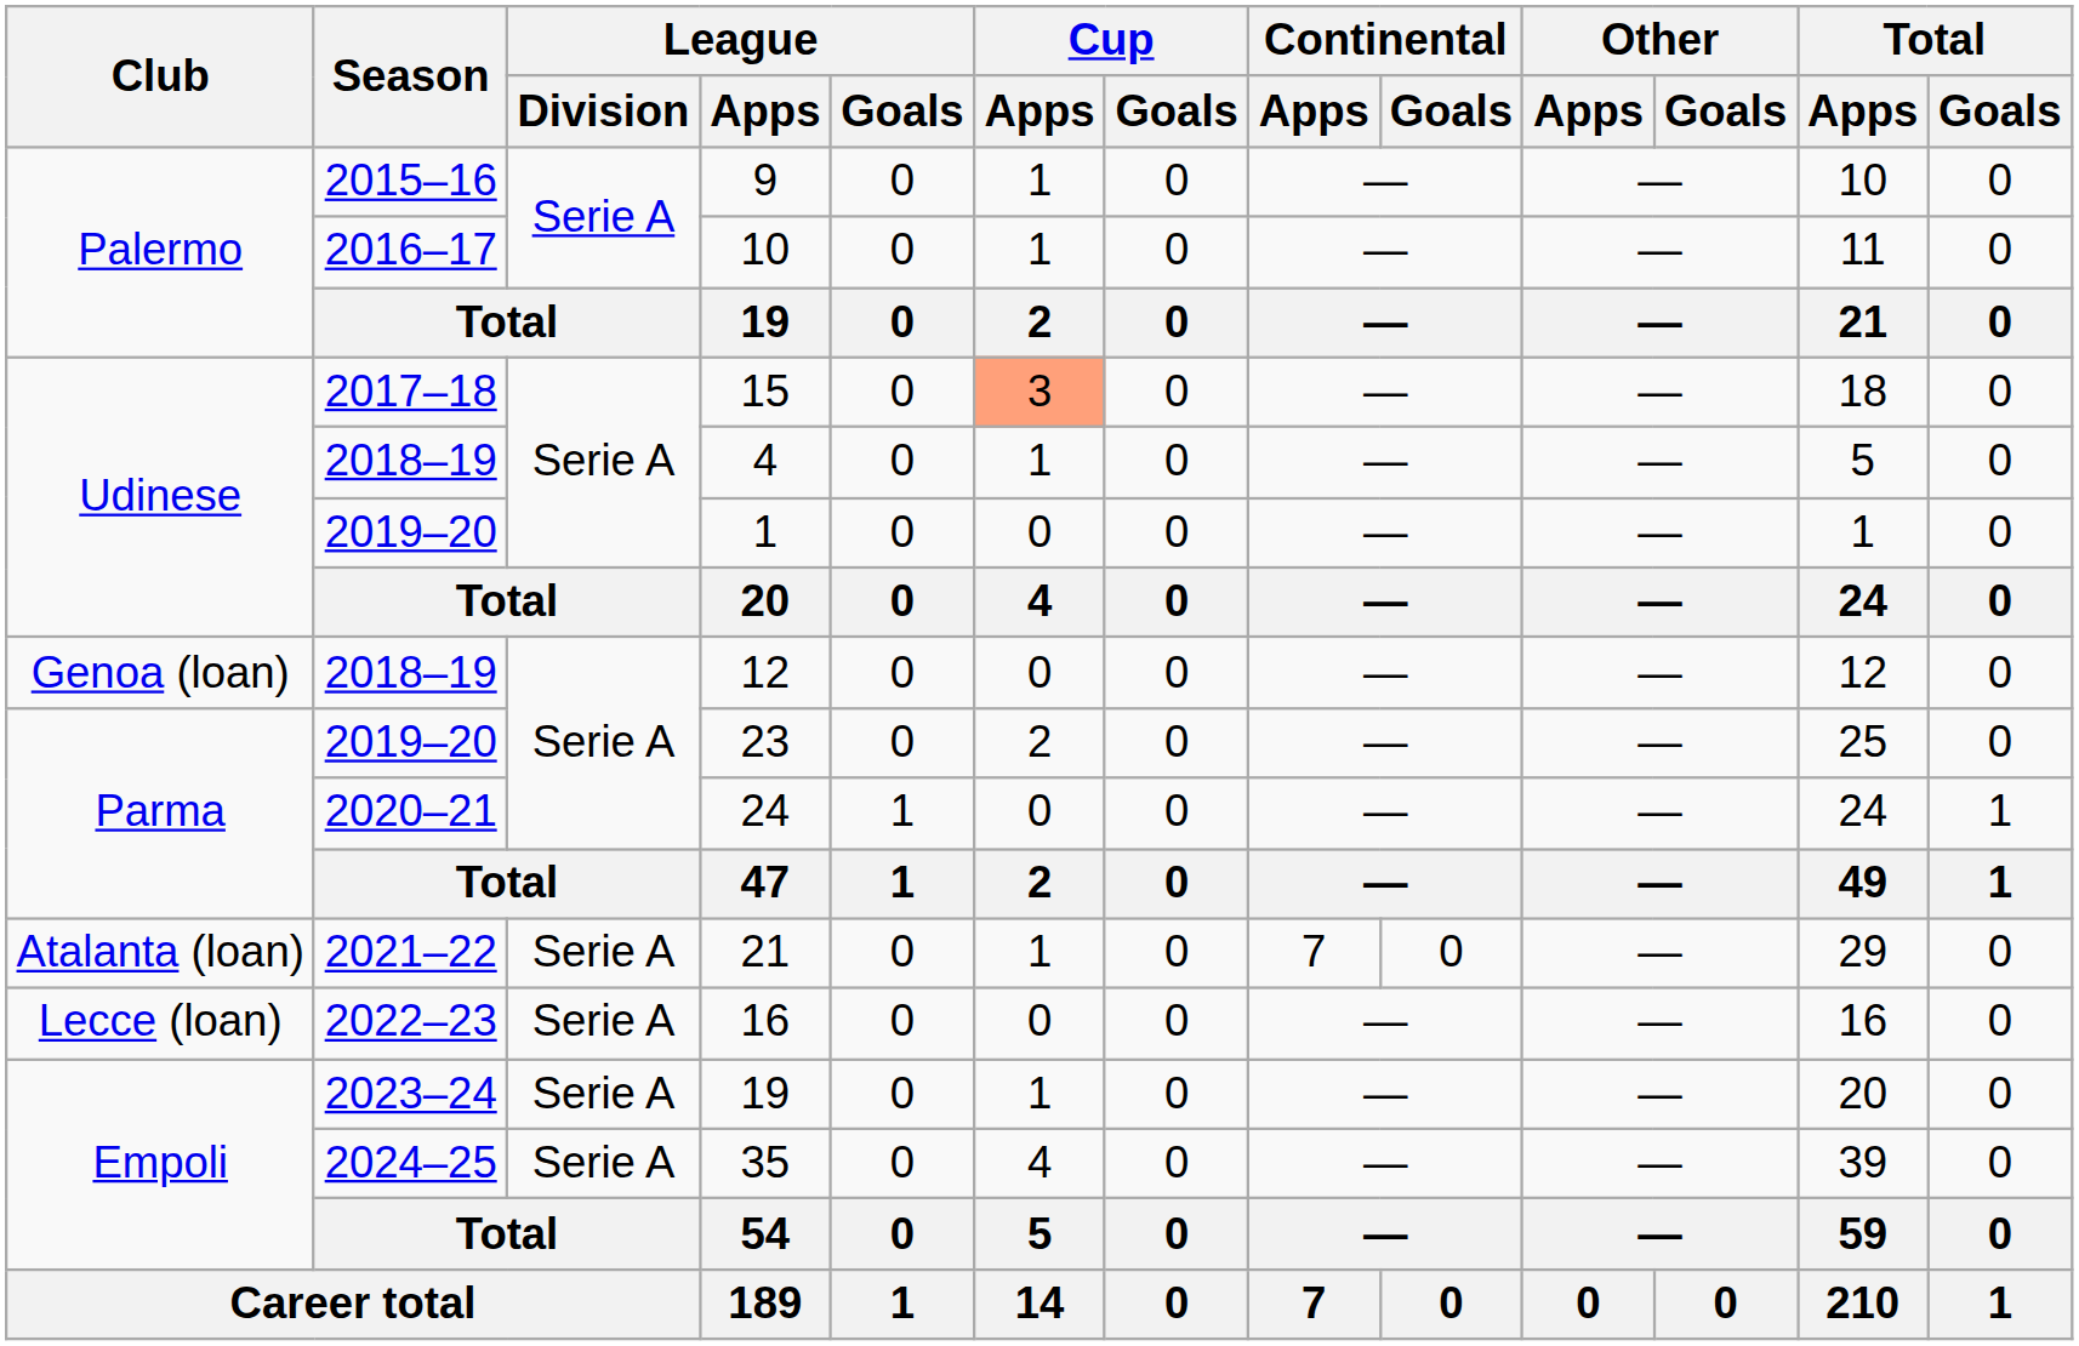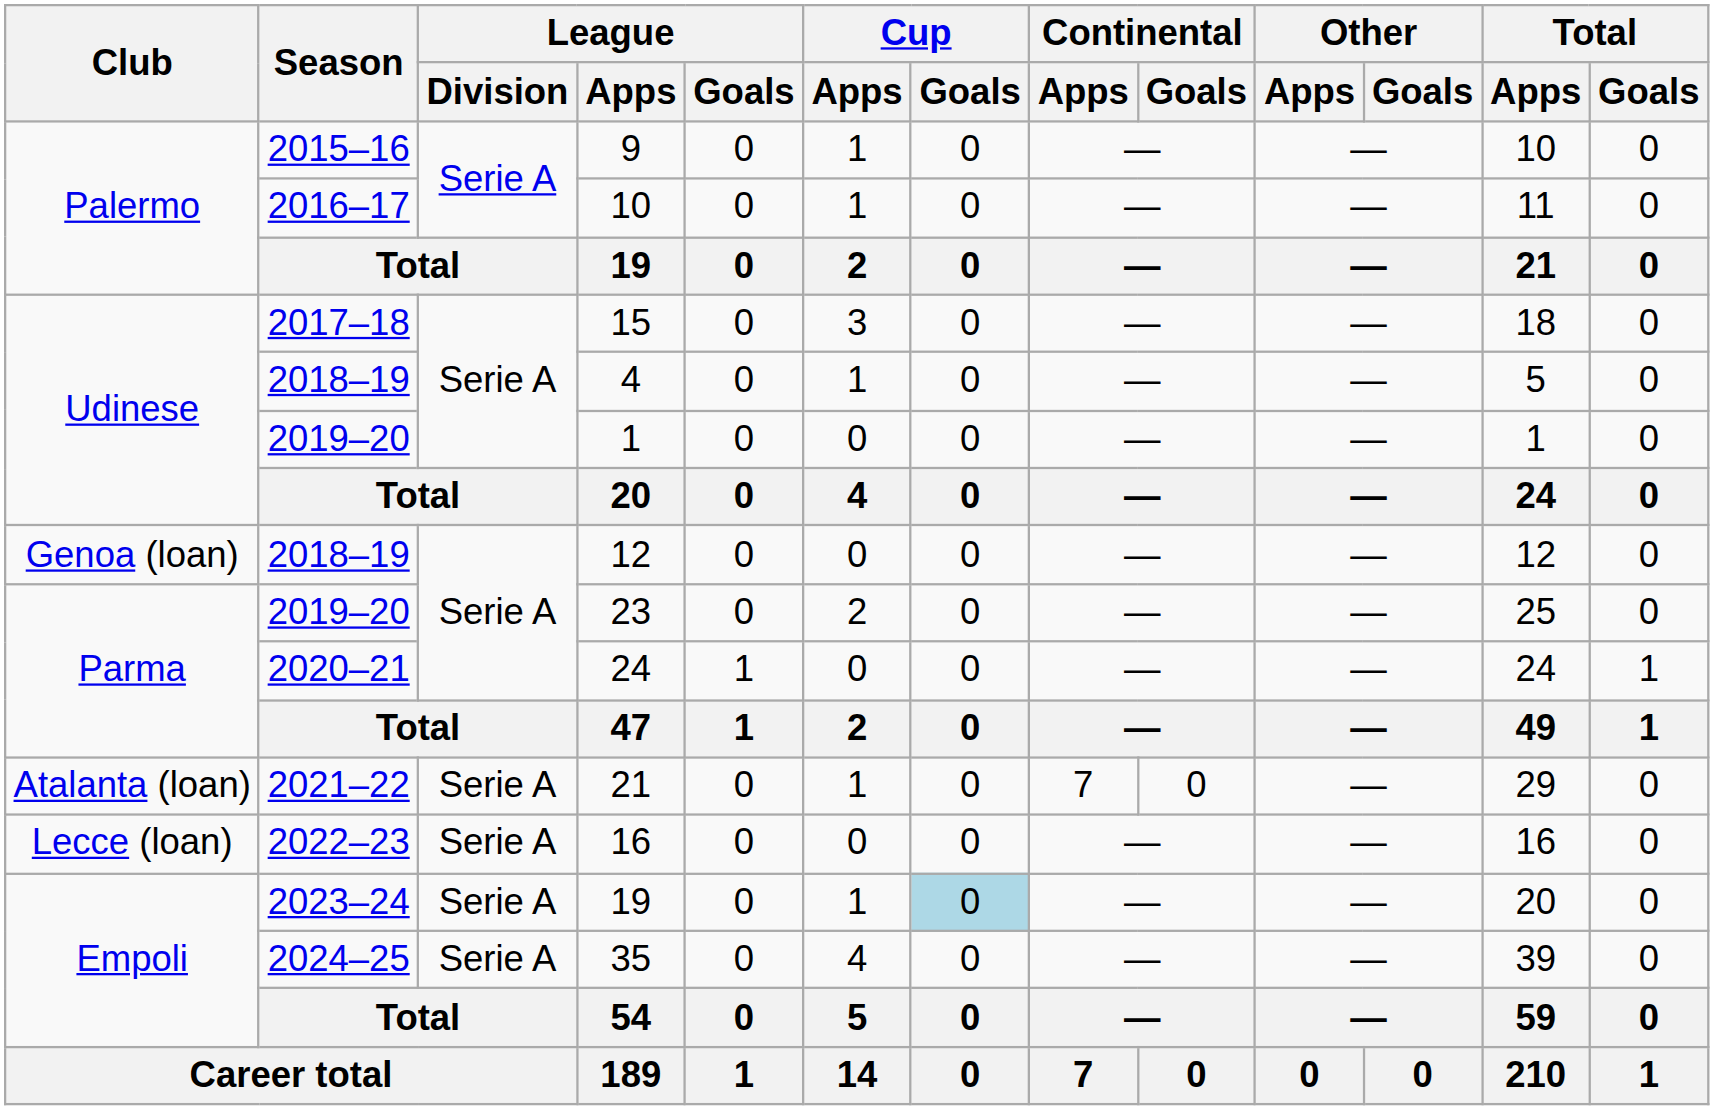 <table class="wikitable" style="text-align:center">
 <tr>
 <th rowspan="2">Club</th>
 <th rowspan="2">Season</th>
 <th colspan="3">League</th>
 <th colspan="2"><a href='#'>Cup</a></th>
 <th colspan="2">Continental</th>
 <th colspan="2">Other</th>
 <th colspan="2">Total</th>
 </tr>
 <tr>
 <th>Division</th>
 <th>Apps</th>
 <th>Goals</th>
 <th>Apps</th>
 <th>Goals</th>
 <th>Apps</th>
 <th>Goals</th>
 <th>Apps</th>
 <th>Goals</th>
 <th>Apps</th>
 <th>Goals</th>
 </tr>
 <tr>
 <td rowspan="3"><a href='#'>Palermo</a></td>
 <td><a href='#'>2015–16</a></td>
 <td rowspan="2"><a href='#'>Serie A</a></td>
 <td>9</td>
 <td>0</td>
 <td>1</td>
 <td>0</td>
 <td colspan="2">—</td>
 <td colspan="2">—</td>
 <td>10</td>
 <td>0</td>
 </tr>
 <tr>
 <td><a href='#'>2016–17</a></td>
 <td>10</td>
 <td>0</td>
 <td>1</td>
 <td>0</td>
 <td colspan="2">—</td>
 <td colspan="2">—</td>
 <td>11</td>
 <td>0</td>
 </tr>
 <tr>
 <th colspan="2">Total</th>
 <th>19</th>
 <th>0</th>
 <th>2</th>
 <th>0</th>
 <th colspan="2">—</th>
 <th colspan="2">—</th>
 <th>21</th>
 <th>0</th>
 </tr>
 <tr>
 <td rowspan="4"><a href='#'>Udinese</a></td>
 <td><a href='#'>2017–18</a></td>
 <td rowspan="3">Serie A</td>
 <td>15</td>
 <td>0</td>
-<td style="background: lightsalmon;">3</td>
+<td>3</td>
 <td>0</td>
 <td colspan="2">—</td>
 <td colspan="2">—</td>
 <td>18</td>
 <td>0</td>
 </tr>
 <tr>
 <td><a href='#'>2018–19</a></td>
 <td>4</td>
 <td>0</td>
 <td>1</td>
 <td>0</td>
 <td colspan="2">—</td>
 <td colspan="2">—</td>
 <td>5</td>
 <td>0</td>
 </tr>
 <tr>
 <td><a href='#'>2019–20</a></td>
 <td>1</td>
 <td>0</td>
 <td>0</td>
 <td>0</td>
 <td colspan="2">—</td>
 <td colspan="2">—</td>
 <td>1</td>
 <td>0</td>
 </tr>
 <tr>
 <th colspan="2">Total</th>
 <th>20</th>
 <th>0</th>
 <th>4</th>
 <th>0</th>
 <th colspan="2">—</th>
 <th colspan="2">—</th>
 <th>24</th>
 <th>0</th>
 </tr>
 <tr>
 <td><a href='#'>Genoa</a> (loan)</td>
 <td><a href='#'>2018–19</a></td>
 <td rowspan="3">Serie A</td>
 <td>12</td>
 <td>0</td>
 <td>0</td>
 <td>0</td>
 <td colspan="2">—</td>
 <td colspan="2">—</td>
 <td>12</td>
 <td>0</td>
 </tr>
 <tr>
 <td rowspan="3"><a href='#'>Parma</a></td>
 <td><a href='#'>2019–20</a></td>
 <td>23</td>
 <td>0</td>
 <td>2</td>
 <td>0</td>
 <td colspan="2">—</td>
 <td colspan="2">—</td>
 <td>25</td>
 <td>0</td>
 </tr>
 <tr>
 <td><a href='#'>2020–21</a></td>
 <td>24</td>
 <td>1</td>
 <td>0</td>
 <td>0</td>
 <td colspan="2">—</td>
 <td colspan="2">—</td>
 <td>24</td>
 <td>1</td>
 </tr>
 <tr>
 <th colspan="2">Total</th>
 <th>47</th>
 <th>1</th>
 <th>2</th>
 <th>0</th>
 <th colspan="2">—</th>
 <th colspan="2">—</th>
 <th>49</th>
 <th>1</th>
 </tr>
 <tr>
 <td><a href='#'>Atalanta</a> (loan)</td>
 <td><a href='#'>2021–22</a></td>
 <td>Serie A</td>
 <td>21</td>
 <td>0</td>
 <td>1</td>
 <td>0</td>
 <td>7</td>
 <td>0</td>
 <td colspan="2">—</td>
 <td>29</td>
 <td>0</td>
 </tr>
 <tr>
 <td><a href='#'>Lecce</a> (loan)</td>
 <td><a href='#'>2022–23</a></td>
 <td>Serie A</td>
 <td>16</td>
 <td>0</td>
 <td>0</td>
 <td>0</td>
 <td colspan="2">—</td>
 <td colspan="2">—</td>
 <td>16</td>
 <td>0</td>
 </tr>
 <tr>
 <td rowspan="3"><a href='#'>Empoli</a></td>
 <td><a href='#'>2023–24</a></td>
 <td>Serie A</td>
 <td>19</td>
 <td>0</td>
 <td>1</td>
-<td>0</td>
+<td style="background: lightblue;">0</td>
 <td colspan="2">—</td>
 <td colspan="2">—</td>
 <td>20</td>
 <td>0</td>
 </tr>
 <tr>
 <td><a href='#'>2024–25</a></td>
 <td>Serie A</td>
 <td>35</td>
 <td>0</td>
 <td>4</td>
 <td>0</td>
 <td colspan="2">—</td>
 <td colspan="2">—</td>
 <td>39</td>
 <td>0</td>
 </tr>
 <tr>
 <th colspan="2">Total</th>
 <th>54</th>
 <th>0</th>
 <th>5</th>
 <th>0</th>
 <th colspan="2">—</th>
 <th colspan="2">—</th>
 <th>59</th>
 <th>0</th>
 </tr>
 <tr>
 <th colspan="3">Career total</th>
 <th>189</th>
 <th>1</th>
 <th>14</th>
 <th>0</th>
 <th>7</th>
 <th>0</th>
 <th>0</th>
 <th>0</th>
 <th>210</th>
 <th>1</th>
 </tr>
 </table>
